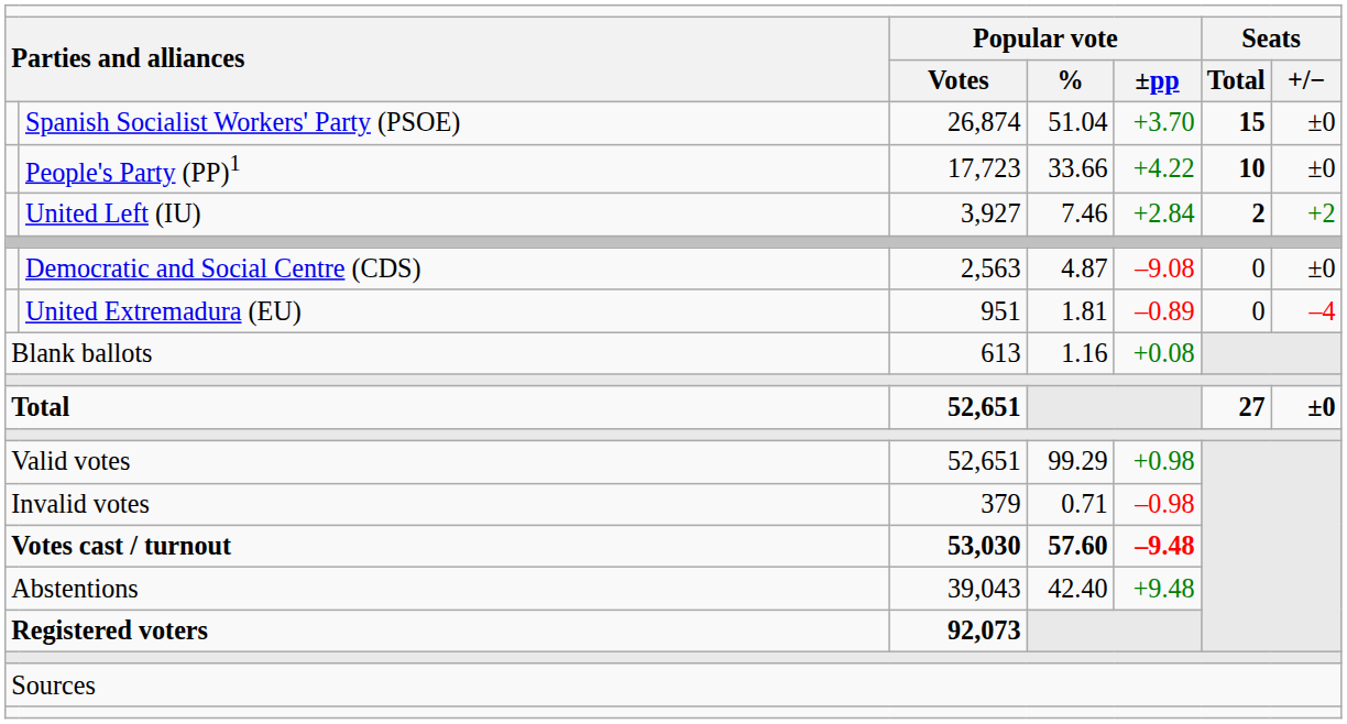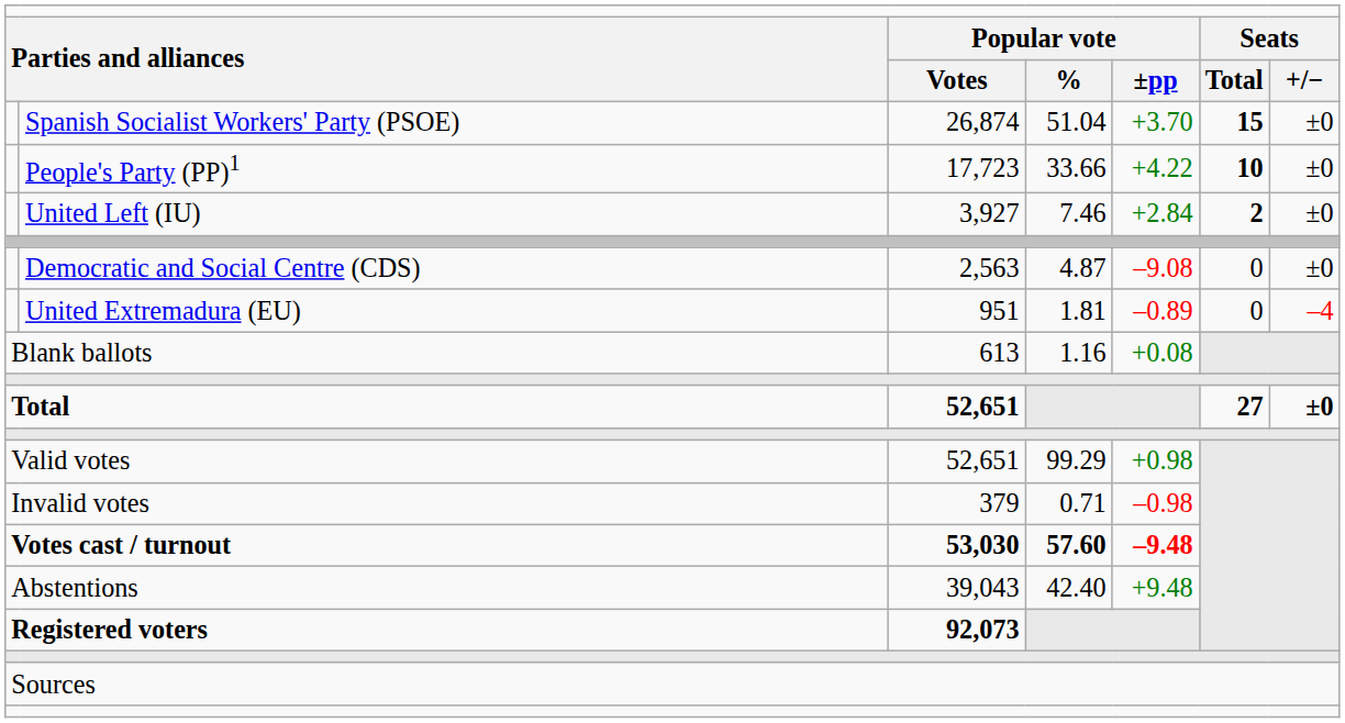 <table class="wikitable" style="text-align:right;">
 <tr>
 <td colspan="7"></td>
 </tr>
 <tr>
 <th style="text-align:left;" rowspan="2" colspan="2" width="525">Parties and alliances</th>
 <th colspan="3">Popular vote</th>
 <th colspan="2">Seats</th>
 </tr>
 <tr>
 <th width="75">Votes</th>
 <th width="45">%</th>
 <th width="45">±<a href='#'>pp</a></th>
 <th width="35">Total</th>
 <th width="35">+/−</th>
 </tr>
 <tr>
 <td width="1" style="color:inherit;background:"></td>
 <td align="left"><a href='#'>Spanish Socialist Workers' Party</a> (PSOE)</td>
 <td>26,874</td>
 <td>51.04</td>
 <td style="color:green;">+3.70</td>
 <td><strong>15</strong></td>
 <td>±0</td>
 </tr>
 <tr>
 <td style="color:inherit;background:"></td>
 <td align="left"><a href='#'>People's Party</a> (PP)<sup>1</sup></td>
 <td>17,723</td>
 <td>33.66</td>
 <td style="color:green;">+4.22</td>
 <td><strong>10</strong></td>
 <td>±0</td>
 </tr>
 <tr>
 <td style="color:inherit;background:"></td>
 <td align="left"><a href='#'>United Left</a> (IU)</td>
 <td>3,927</td>
 <td>7.46</td>
 <td style="color:green;">+2.84</td>
 <td><strong>2</strong></td>
-<td style="color:green;">+2</td>
+<td>±0</td>
 </tr>
 <tr>
 <td colspan="7" bgcolor="#C0C0C0"></td>
 </tr>
 <tr>
 <td style="color:inherit;background:"></td>
 <td align="left"><a href='#'>Democratic and Social Centre</a> (CDS)</td>
 <td>2,563</td>
 <td>4.87</td>
 <td style="color:red;">–9.08</td>
 <td>0</td>
 <td>±0</td>
 </tr>
 <tr>
 <td style="color:inherit;background:"></td>
 <td align="left"><a href='#'>United Extremadura</a> (EU)</td>
 <td>951</td>
 <td>1.81</td>
 <td style="color:red;">–0.89</td>
 <td>0</td>
 <td style="color:red;">–4</td>
 </tr>
 <tr>
 <td align="left" colspan="2">Blank ballots</td>
 <td>613</td>
 <td>1.16</td>
 <td style="color:green;">+0.08</td>
 <td bgcolor="#E9E9E9" colspan="2"></td>
 </tr>
 <tr>
 <td colspan="7" bgcolor="#E9E9E9"></td>
 </tr>
 <tr style="font-weight:bold;">
 <td align="left" colspan="2">Total</td>
 <td>52,651</td>
 <td bgcolor="#E9E9E9" colspan="2"></td>
 <td>27</td>
 <td>±0</td>
 </tr>
 <tr>
 <td colspan="7" bgcolor="#E9E9E9"></td>
 </tr>
 <tr>
 <td align="left" colspan="2">Valid votes</td>
 <td>52,651</td>
 <td>99.29</td>
 <td style="color:green;">+0.98</td>
 <td bgcolor="#E9E9E9" colspan="2" rowspan="5"></td>
 </tr>
 <tr>
 <td align="left" colspan="2">Invalid votes</td>
 <td>379</td>
 <td>0.71</td>
 <td style="color:red;">–0.98</td>
 </tr>
 <tr style="font-weight:bold;">
 <td align="left" colspan="2">Votes cast / turnout</td>
 <td>53,030</td>
 <td>57.60</td>
 <td style="color:red;">–9.48</td>
 </tr>
 <tr>
 <td align="left" colspan="2">Abstentions</td>
 <td>39,043</td>
 <td>42.40</td>
 <td style="color:green;">+9.48</td>
 </tr>
 <tr style="font-weight:bold;">
 <td align="left" colspan="2">Registered voters</td>
 <td>92,073</td>
 <td bgcolor="#E9E9E9" colspan="2"></td>
 </tr>
 <tr>
 <td colspan="7" bgcolor="#E9E9E9"></td>
 </tr>
 <tr>
 <td align="left" colspan="7">Sources</td>
 </tr>
 <tr>
 <td colspan="7" style="text-align:left; max-width:790px;"></td>
 </tr>
 </table>
